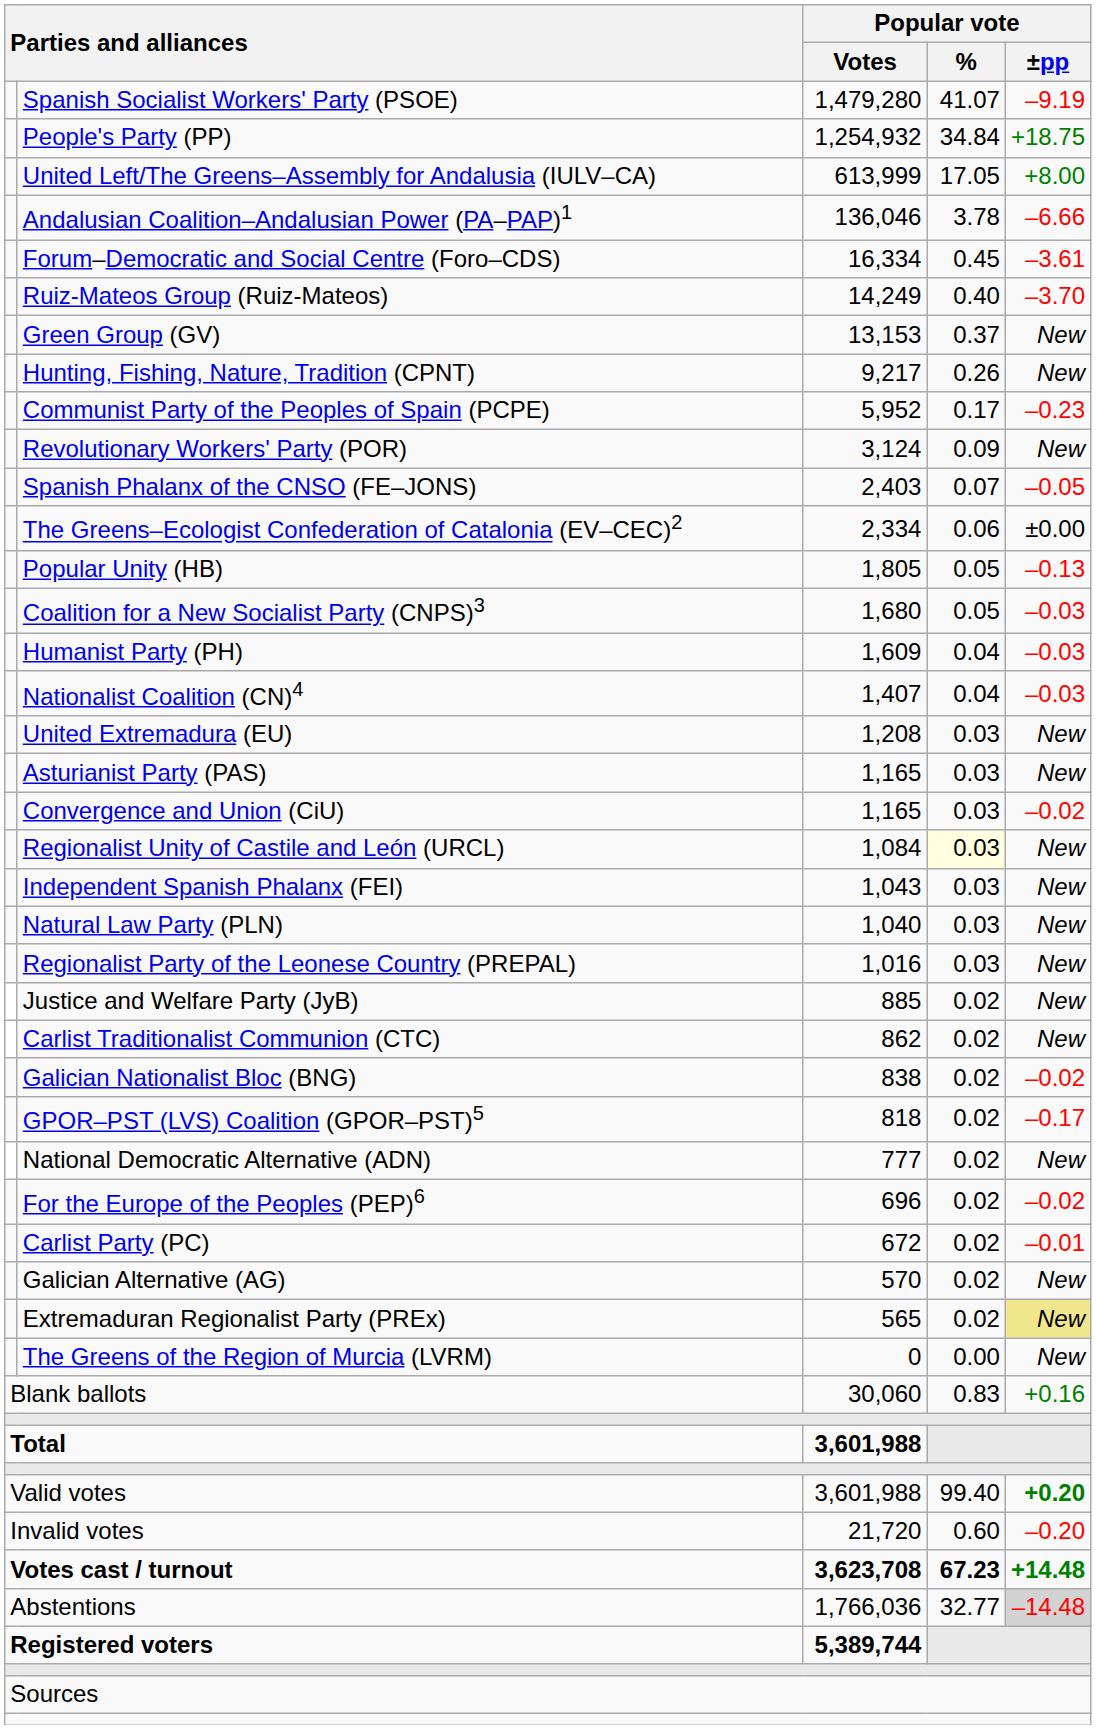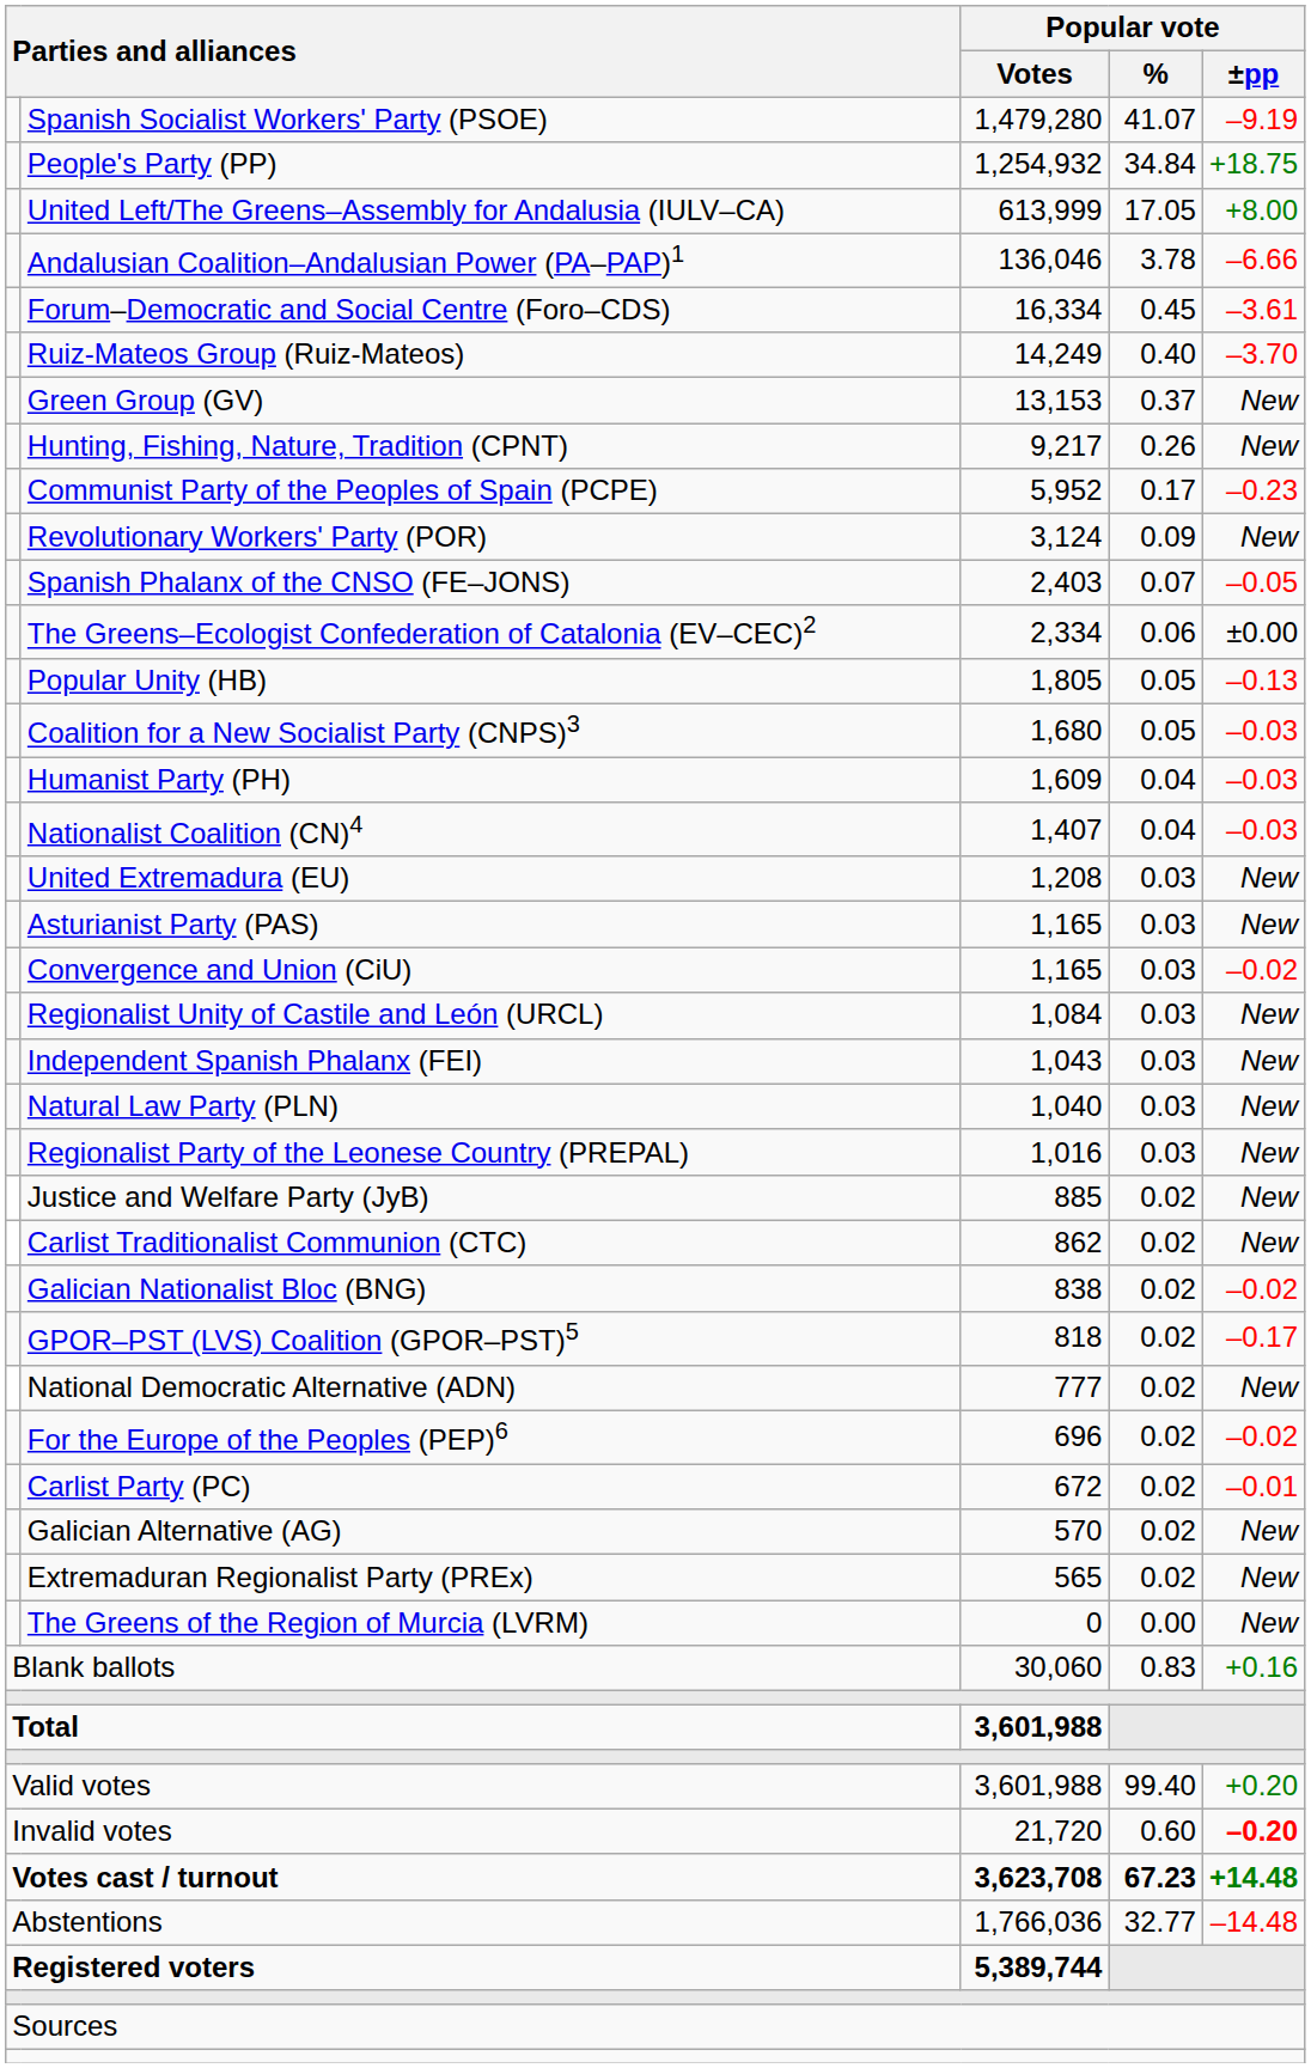 <table class="wikitable" style="text-align:right">
 <tr>
 <th style="text-align:left;" rowspan="2" colspan="2" width="525">Parties and alliances</th>
 <th colspan="3">Popular vote</th>
 </tr>
 <tr>
 <th width="75">Votes</th>
 <th width="45">%</th>
 <th width="45">±<a href='#'>pp</a></th>
 </tr>
 <tr>
 <td width="1" style="color:inherit;background:"></td>
 <td align="left"><a href='#'>Spanish Socialist Workers' Party</a> (PSOE)</td>
 <td>1,479,280</td>
 <td>41.07</td>
 <td style="color:red;">–9.19</td>
 </tr>
 <tr>
 <td style="color:inherit;background:"></td>
 <td align="left"><a href='#'>People's Party</a> (PP)</td>
 <td>1,254,932</td>
 <td>34.84</td>
 <td style="color:green;">+18.75</td>
 </tr>
 <tr>
 <td style="color:inherit;background:"></td>
 <td align="left"><a href='#'>United Left/The Greens–Assembly for Andalusia</a> (IULV–CA)</td>
 <td>613,999</td>
 <td>17.05</td>
 <td style="color:green;">+8.00</td>
 </tr>
 <tr>
 <td style="color:inherit;background:"></td>
 <td align="left"><a href='#'>Andalusian Coalition–Andalusian Power</a> (<a href='#'>PA</a>–<a href='#'>PAP</a>)<sup>1</sup></td>
 <td>136,046</td>
 <td>3.78</td>
 <td style="color:red;">–6.66</td>
 </tr>
 <tr>
 <td style="color:inherit;background:"></td>
 <td align="left"><a href='#'>Forum</a>–<a href='#'>Democratic and Social Centre</a> (Foro–CDS)</td>
 <td>16,334</td>
 <td>0.45</td>
 <td style="color:red;">–3.61</td>
 </tr>
 <tr>
 <td style="color:inherit;background:"></td>
 <td align="left"><a href='#'>Ruiz-Mateos Group</a> (Ruiz-Mateos)</td>
 <td>14,249</td>
 <td>0.40</td>
 <td style="color:red;">–3.70</td>
 </tr>
 <tr>
 <td style="color:inherit;background:"></td>
 <td align="left"><a href='#'>Green Group</a> (GV)</td>
 <td>13,153</td>
 <td>0.37</td>
 <td><em>New</em></td>
 </tr>
 <tr>
 <td style="color:inherit;background:"></td>
 <td align="left"><a href='#'>Hunting, Fishing, Nature, Tradition</a> (CPNT)</td>
 <td>9,217</td>
 <td>0.26</td>
 <td><em>New</em></td>
 </tr>
 <tr>
 <td style="color:inherit;background:"></td>
 <td align="left"><a href='#'>Communist Party of the Peoples of Spain</a> (PCPE)</td>
 <td>5,952</td>
 <td>0.17</td>
 <td style="color:red;">–0.23</td>
 </tr>
 <tr>
 <td style="color:inherit;background:"></td>
 <td align="left"><a href='#'>Revolutionary Workers' Party</a> (POR)</td>
 <td>3,124</td>
 <td>0.09</td>
 <td><em>New</em></td>
 </tr>
 <tr>
 <td style="color:inherit;background:"></td>
 <td align="left"><a href='#'>Spanish Phalanx of the CNSO</a> (FE–JONS)</td>
 <td>2,403</td>
 <td>0.07</td>
 <td style="color:red;">–0.05</td>
 </tr>
 <tr>
 <td style="color:inherit;background:"></td>
 <td align="left"><a href='#'>The Greens–Ecologist Confederation of Catalonia</a> (EV–CEC)<sup>2</sup></td>
 <td>2,334</td>
 <td>0.06</td>
 <td>±0.00</td>
 </tr>
 <tr>
 <td style="color:inherit;background:"></td>
 <td align="left"><a href='#'>Popular Unity</a> (HB)</td>
 <td>1,805</td>
 <td>0.05</td>
 <td style="color:red;">–0.13</td>
 </tr>
 <tr>
 <td style="color:inherit;background:"></td>
 <td align="left"><a href='#'>Coalition for a New Socialist Party</a> (CNPS)<sup>3</sup></td>
 <td>1,680</td>
 <td>0.05</td>
 <td style="color:red;">–0.03</td>
 </tr>
 <tr>
 <td style="color:inherit;background:"></td>
 <td align="left"><a href='#'>Humanist Party</a> (PH)</td>
 <td>1,609</td>
 <td>0.04</td>
 <td style="color:red;">–0.03</td>
 </tr>
 <tr>
 <td style="color:inherit;background:"></td>
 <td align="left"><a href='#'>Nationalist Coalition</a> (CN)<sup>4</sup></td>
 <td>1,407</td>
 <td>0.04</td>
 <td style="color:red;">–0.03</td>
 </tr>
 <tr>
 <td style="color:inherit;background:"></td>
 <td align="left"><a href='#'>United Extremadura</a> (EU)</td>
 <td>1,208</td>
 <td>0.03</td>
 <td><em>New</em></td>
 </tr>
 <tr>
 <td style="color:inherit;background:"></td>
 <td align="left"><a href='#'>Asturianist Party</a> (PAS)</td>
 <td>1,165</td>
 <td>0.03</td>
 <td><em>New</em></td>
 </tr>
 <tr>
 <td style="color:inherit;background:"></td>
 <td align="left"><a href='#'>Convergence and Union</a> (CiU)</td>
 <td>1,165</td>
 <td>0.03</td>
 <td style="color:red;">–0.02</td>
 </tr>
 <tr>
 <td style="color:inherit;background:"></td>
 <td align="left"><a href='#'>Regionalist Unity of Castile and León</a> (URCL)</td>
 <td>1,084</td>
-<td style="background: lightyellow;">0.03</td>
+<td>0.03</td>
 <td><em>New</em></td>
 </tr>
 <tr>
 <td style="color:inherit;background:"></td>
 <td align="left"><a href='#'>Independent Spanish Phalanx</a> (FEI)</td>
 <td>1,043</td>
 <td>0.03</td>
 <td><em>New</em></td>
 </tr>
 <tr>
 <td style="color:inherit;background:"></td>
 <td align="left"><a href='#'>Natural Law Party</a> (PLN)</td>
 <td>1,040</td>
 <td>0.03</td>
 <td><em>New</em></td>
 </tr>
 <tr>
 <td style="color:inherit;background:"></td>
 <td align="left"><a href='#'>Regionalist Party of the Leonese Country</a> (PREPAL)</td>
 <td>1,016</td>
 <td>0.03</td>
 <td><em>New</em></td>
 </tr>
 <tr>
 <td bgcolor="white"></td>
 <td align="left">Justice and Welfare Party (JyB)</td>
 <td>885</td>
 <td>0.02</td>
 <td><em>New</em></td>
 </tr>
 <tr>
 <td bgcolor="white"></td>
 <td align="left"><a href='#'>Carlist Traditionalist Communion</a> (CTC)</td>
 <td>862</td>
 <td>0.02</td>
 <td><em>New</em></td>
 </tr>
 <tr>
 <td style="color:inherit;background:"></td>
 <td align="left"><a href='#'>Galician Nationalist Bloc</a> (BNG)</td>
 <td>838</td>
 <td>0.02</td>
 <td style="color:red;">–0.02</td>
 </tr>
 <tr>
 <td style="color:inherit;background:"></td>
 <td align="left"><a href='#'>GPOR–PST (LVS) Coalition</a> (GPOR–PST)<sup>5</sup></td>
 <td>818</td>
 <td>0.02</td>
 <td style="color:red;">–0.17</td>
 </tr>
 <tr>
 <td bgcolor="white"></td>
 <td align="left">National Democratic Alternative (ADN)</td>
 <td>777</td>
 <td>0.02</td>
 <td><em>New</em></td>
 </tr>
 <tr>
 <td style="color:inherit;background:"></td>
 <td align="left"><a href='#'>For the Europe of the Peoples</a> (PEP)<sup>6</sup></td>
 <td>696</td>
 <td>0.02</td>
 <td style="color:red;">–0.02</td>
 </tr>
 <tr>
 <td style="color:inherit;background:"></td>
 <td align="left"><a href='#'>Carlist Party</a> (PC)</td>
 <td>672</td>
 <td>0.02</td>
 <td style="color:red;">–0.01</td>
 </tr>
 <tr>
 <td style="color:inherit;background:"></td>
 <td align="left">Galician Alternative (AG)</td>
 <td>570</td>
 <td>0.02</td>
 <td><em>New</em></td>
 </tr>
 <tr>
 <td style="color:inherit;background:"></td>
 <td align="left">Extremaduran Regionalist Party (PREx)</td>
 <td>565</td>
 <td>0.02</td>
-<td style="background: khaki;"><em>New</em></td>
+<td><em>New</em></td>
 </tr>
 <tr>
 <td style="color:inherit;background:"></td>
 <td align="left"><a href='#'>The Greens of the Region of Murcia</a> (LVRM)</td>
 <td>0</td>
 <td>0.00</td>
 <td><em>New</em></td>
 </tr>
 <tr>
 <td align="left" colspan="2">Blank ballots</td>
 <td>30,060</td>
 <td>0.83</td>
 <td style="color:green;">+0.16</td>
 </tr>
 <tr>
 <td colspan="5" bgcolor="#E9E9E9"></td>
 </tr>
 <tr style="font-weight:bold;">
 <td align="left" colspan="2">Total</td>
 <td>3,601,988</td>
 <td bgcolor="#E9E9E9" colspan="2"></td>
 </tr>
 <tr>
 <td colspan="5" bgcolor="#E9E9E9"></td>
 </tr>
 <tr>
 <td align="left" colspan="2">Valid votes</td>
 <td>3,601,988</td>
 <td>99.40</td>
-<td style="color:green;"><strong>+0.20</strong></td>
+<td style="color:green;">+0.20</td>
 </tr>
 <tr>
 <td align="left" colspan="2">Invalid votes</td>
 <td>21,720</td>
 <td>0.60</td>
-<td style="color:red;">–0.20</td>
+<td style="color:red;"><strong>–0.20</strong></td>
 </tr>
 <tr style="font-weight:bold;">
 <td align="left" colspan="2">Votes cast / turnout</td>
 <td>3,623,708</td>
 <td>67.23</td>
 <td style="color:green;">+14.48</td>
 </tr>
 <tr>
 <td align="left" colspan="2">Abstentions</td>
 <td>1,766,036</td>
 <td>32.77</td>
-<td style="background: lightgrey; color:red;">–14.48</td>
+<td style="color:red;">–14.48</td>
 </tr>
 <tr style="font-weight:bold;">
 <td align="left" colspan="2">Registered voters</td>
 <td>5,389,744</td>
 <td bgcolor="#E9E9E9" colspan="2"></td>
 </tr>
 <tr>
 <td colspan="5" bgcolor="#E9E9E9"></td>
 </tr>
 <tr>
 <td align="left" colspan="5">Sources</td>
 </tr>
 <tr>
 <td colspan="5" style="text-align:left; max-width:680px;"></td>
 </tr>
 </table>
